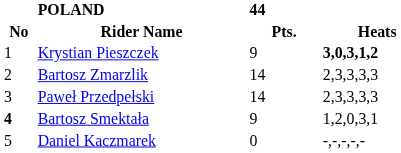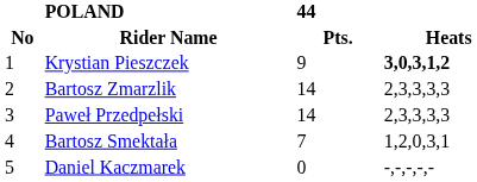 <table class="toccolours">
 <tr>
 <td></td>
 <td><strong>POLAND</strong></td>
 <td><strong>44</strong></td>
 </tr>
 <tr style="background-color:">
 <th width=30px>No</th>
 <th width=210px>Rider Name</th>
 <th width=70px>Pts.</th>
 <th width=110px>Heats</th>
 </tr>
 <tr style="background-color:">
 <td>1</td>
 <td><a href='#'>Krystian Pieszczek</a></td>
 <td>9</td>
 <td><strong>3,0,3,1,2</strong></td>
 </tr>
 <tr style="background-color:">
 <td>2</td>
 <td><a href='#'>Bartosz Zmarzlik</a></td>
 <td>14</td>
 <td>2,3,3,3,3</td>
 </tr>
 <tr style="background-color:">
 <td>3</td>
 <td><a href='#'>Paweł Przedpełski</a></td>
 <td>14</td>
 <td>2,3,3,3,3</td>
 </tr>
 <tr style="background-color:">
-<td><strong>4</strong></td>
+<td>4</td>
 <td><a href='#'>Bartosz Smektała</a></td>
-<td>9</td>
+<td>7</td>
 <td>1,2,0,3,1</td>
 </tr>
 <tr style="background-color:">
 <td>5</td>
 <td><a href='#'>Daniel Kaczmarek</a></td>
 <td>0</td>
 <td>-,-,-,-,-</td>
 </tr>
 </table>
